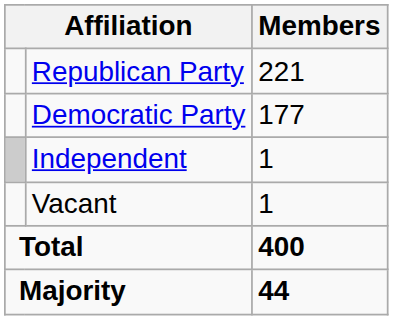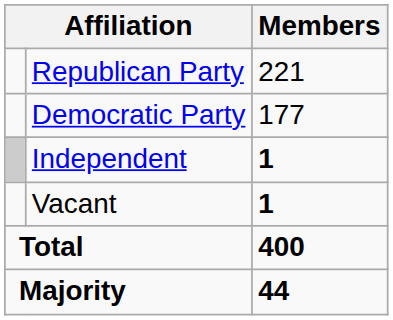 <table class="wikitable">
 <tr>
 <th colspan="2">Affiliation</th>
 <th>Members</th>
 </tr>
 <tr>
 <td style="background-color:"> </td>
 <td><a href='#'>Republican Party</a></td>
 <td>221</td>
 </tr>
 <tr>
 <td style="background-color:"> </td>
 <td><a href='#'>Democratic Party</a></td>
 <td>177</td>
 </tr>
 <tr>
 <td style="background-color:#CCCCCC"> </td>
 <td><a href='#'>Independent</a></td>
-<td>1</td>
+<td><strong>1</strong></td>
 </tr>
 <tr>
 <td style="background-color:CFCFCF"> </td>
 <td>Vacant</td>
-<td>1</td>
+<td><strong>1</strong></td>
 </tr>
 <tr>
 <td colspan="2" rowspan="1"> <strong>Total</strong><br></td>
 <td><strong>400</strong></td>
 </tr>
 <tr>
 <td colspan="2" rowspan="1"> <strong>Majority</strong><br></td>
 <td><strong>44</strong></td>
 </tr>
 </table>
